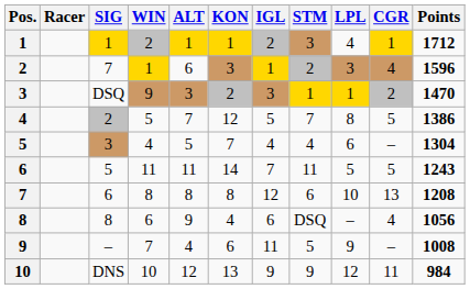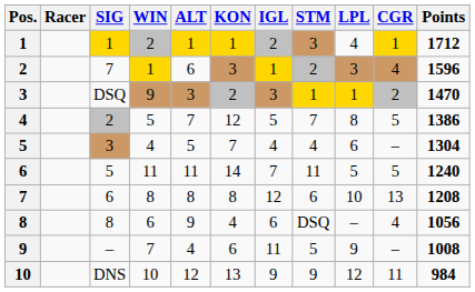 <table class="wikitable sortable plainrowheaders" style="text-align:center;">
 <tr>
 <th scope="col">Pos.</th>
 <th scope="col">Racer</th>
 <th scope="col"> <a href='#'>SIG</a></th>
 <th scope="col"> <a href='#'>WIN</a></th>
 <th scope="col"> <a href='#'>ALT</a></th>
 <th scope="col"> <a href='#'>KON</a></th>
 <th scope="col"> <a href='#'>IGL</a></th>
 <th scope="col"> <a href='#'>STM</a></th>
 <th scope="col"> <a href='#'>LPL</a></th>
 <th scope="col"> <a href='#'>CGR</a></th>
 <th style="width:45px;"><strong>Points</strong></th>
 </tr>
 <tr>
 <th style="text-align:center;">1</th>
 <td align="left"></td>
 <td style="background:gold;">1</td>
 <td style="background:silver;">2</td>
 <td style="background:gold;">1</td>
 <td style="background:gold;">1</td>
 <td style="background:silver;">2</td>
 <td style="background:#c96;">3</td>
 <td>4</td>
 <td style="background:gold;">1</td>
 <td><strong>1712</strong></td>
 </tr>
 <tr>
 <th style="text-align:center;">2</th>
 <td align="left"></td>
 <td>7</td>
 <td style="background:gold;">1</td>
 <td>6</td>
 <td style="background:#c96;">3</td>
 <td style="background:gold;">1</td>
 <td style="background:silver;">2</td>
 <td style="background:#c96;">3</td>
 <td style="background:#c96;">4</td>
 <td><strong>1596</strong></td>
 </tr>
 <tr>
 <th style="text-align:center;">3</th>
 <td align="left"></td>
 <td>DSQ</td>
 <td style="background:#c96;">9</td>
 <td style="background:#c96;">3</td>
 <td style="background:silver;">2</td>
 <td style="background:#c96;">3</td>
 <td style="background:gold;">1</td>
 <td style="background:gold;">1</td>
 <td style="background:silver;">2</td>
 <td><strong>1470</strong></td>
 </tr>
 <tr>
 <th style="text-align:center;">4</th>
 <td align="left"></td>
 <td style="background:silver;">2</td>
 <td>5</td>
 <td>7</td>
 <td>12</td>
 <td>5</td>
 <td>7</td>
 <td>8</td>
 <td>5</td>
 <td><strong>1386</strong></td>
 </tr>
 <tr>
 <th style="text-align:center;">5</th>
 <td align="left"></td>
 <td style="background:#c96;">3</td>
 <td>4</td>
 <td>5</td>
 <td>7</td>
 <td>4</td>
 <td>4</td>
 <td>6</td>
 <td>–</td>
 <td><strong>1304</strong></td>
 </tr>
 <tr>
 <th style="text-align:center;">6</th>
 <td align="left"></td>
 <td>5</td>
 <td>11</td>
 <td>11</td>
 <td>14</td>
 <td>7</td>
 <td>11</td>
 <td>5</td>
 <td>5</td>
-<td><strong>1243</strong></td>
+<td><strong>1240</strong></td>
 </tr>
 <tr>
 <th style="text-align:center;">7</th>
 <td align="left"></td>
 <td>6</td>
 <td>8</td>
 <td>8</td>
 <td>8</td>
 <td>12</td>
 <td>6</td>
 <td>10</td>
 <td>13</td>
 <td><strong>1208</strong></td>
 </tr>
 <tr>
 <th style="text-align:center;">8</th>
 <td align="left"></td>
 <td>8</td>
 <td>6</td>
 <td>9</td>
 <td>4</td>
 <td>6</td>
 <td>DSQ</td>
 <td>–</td>
 <td>4</td>
 <td><strong>1056</strong></td>
 </tr>
 <tr>
 <th style="text-align:center;">9</th>
 <td align="left"></td>
 <td>–</td>
 <td>7</td>
 <td>4</td>
 <td>6</td>
 <td>11</td>
 <td>5</td>
 <td>9</td>
 <td>–</td>
 <td><strong>1008</strong></td>
 </tr>
 <tr>
 <th style="text-align:center;">10</th>
 <td align="left"></td>
 <td>DNS</td>
 <td>10</td>
 <td>12</td>
 <td>13</td>
 <td>9</td>
 <td>9</td>
 <td>12</td>
 <td>11</td>
 <td><strong>984</strong></td>
 </tr>
 </table>
